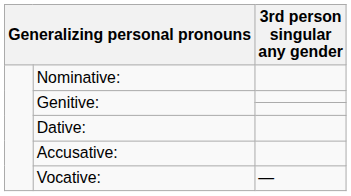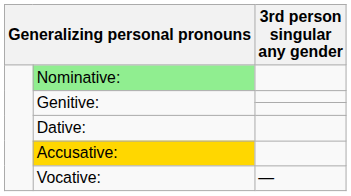 <table class="wikitable">
 <tr>
 <th colspan="2"><strong>Generalizing personal pronouns</strong></th>
 <th>3rd person <br> singular <br> any gender</th>
 </tr>
 <tr>
 <td rowspan="6" style="width:5en"> </td>
-<td>Nominative:</td>
+<td style="background: lightgreen;">Nominative:</td>
 <td><em></em></td>
 </tr>
 <tr>
 <td rowspan="2">Genitive:</td>
 <td><em></em></td>
 </tr>
 <tr>
 <td><em></em></td>
 </tr>
 <tr>
 <td>Dative:</td>
 <td><em></em></td>
 </tr>
 <tr>
-<td>Accusative:</td>
+<td style="background: gold;">Accusative:</td>
 <td><em></em></td>
 </tr>
 <tr>
 <td>Vocative:</td>
 <td>—</td>
 </tr>
 </table>
